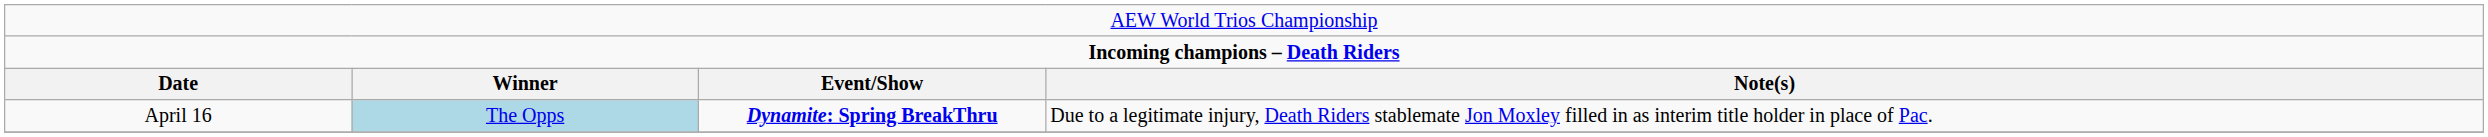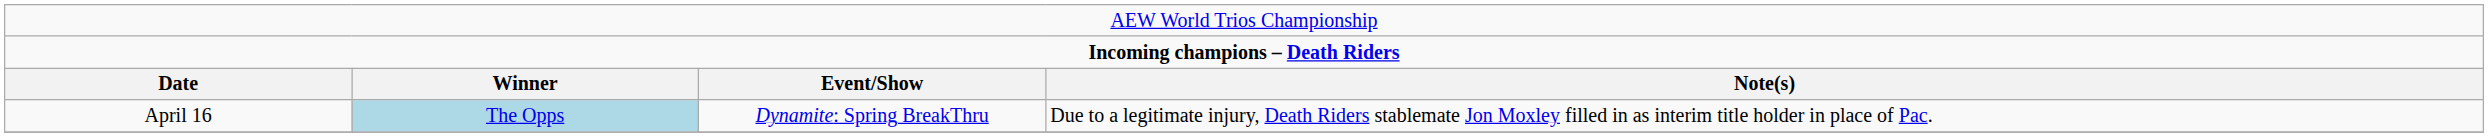 <table class="wikitable" style="text-align:center; width:100%;">
 <tr>
 <td colspan="4" style="text-align: center;"><a href='#'>AEW World Trios Championship</a></td>
 </tr>
 <tr>
 <td colspan="4" style="text-align: center;"><strong>Incoming champions – <a href='#'>Death Riders</a> </strong></td>
 </tr>
 <tr>
 <th width="14%">Date</th>
 <th width="14%">Winner</th>
 <th width="14%">Event/Show</th>
 <th width="58%">Note(s)</th>
 </tr>
 <tr>
 <td>April 16</td>
 <td style="background: lightblue;"><a href='#'>The Opps</a><br></td>
-<td><strong><a href='#'><em>Dynamite</em>: Spring BreakThru</a></strong></td>
+<td><a href='#'><em>Dynamite</em>: Spring BreakThru</a></td>
 <td align=left>Due to a legitimate injury, <a href='#'>Death Riders</a> stablemate <a href='#'>Jon Moxley</a> filled in as interim title holder in place of <a href='#'>Pac</a>.</td>
 </tr>
 <tr>
 </tr>
 </table>
